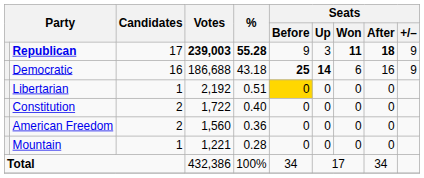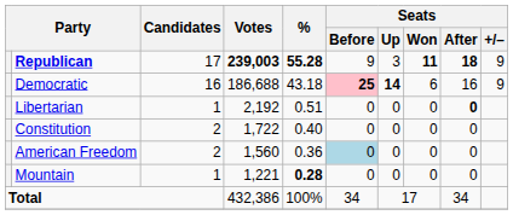 <table class="wikitable">
 <tr>
 <th rowspan="2" colspan="2">Party</th>
 <th rowspan="2">Candidates</th>
 <th rowspan="2">Votes</th>
 <th rowspan="2">%</th>
 <th colspan="5">Seats</th>
 </tr>
 <tr>
 <th>Before<br></th>
 <th>Up</th>
 <th>Won</th>
 <th>After<br></th>
 <th>+/–</th>
 </tr>
 <tr>
 <th style="background-color:"></th>
 <td><strong><a href='#'>Republican</a></strong></td>
 <td align="right">17</td>
 <td align="right"><strong>239,003</strong></td>
 <td align="right"><strong>55.28</strong></td>
 <td align="right">9</td>
 <td align="right">3</td>
 <td align="right"><strong>11</strong></td>
 <td align="right"><strong>18</strong></td>
 <td align="right"> 9</td>
 </tr>
 <tr>
 <th style="background-color:"></th>
 <td><a href='#'>Democratic</a></td>
 <td align="right">16</td>
 <td align="right">186,688</td>
 <td align="right">43.18</td>
-<td align="right"><strong>25</strong></td>
+<td align="right" style="background: pink;"><strong>25</strong></td>
 <td align="right"><strong>14</strong></td>
 <td align="right">6</td>
 <td align="right">16</td>
 <td align="right"> 9</td>
 </tr>
 <tr>
 <th style="background-color:"></th>
 <td><a href='#'>Libertarian</a></td>
 <td align="right">1</td>
 <td align="right">2,192</td>
 <td align="right">0.51</td>
-<td align="right" style="background: gold;">0</td>
 <td align="right">0</td>
 <td align="right">0</td>
 <td align="right">0</td>
+<td align="right"><strong>0</strong></td>
 <td align="right"></td>
 </tr>
 <tr>
 <th style="background-color:"></th>
 <td><a href='#'>Constitution</a></td>
 <td align="right">2</td>
 <td align="right">1,722</td>
 <td align="right">0.40</td>
 <td align="right">0</td>
 <td align="right">0</td>
 <td align="right">0</td>
 <td align="right">0</td>
 <td align="right"></td>
 </tr>
 <tr>
 <th style="background-color:"></th>
 <td><a href='#'>American Freedom</a></td>
 <td align="right">2</td>
 <td align="right">1,560</td>
 <td align="right">0.36</td>
-<td align="right">0</td>
+<td align="right" style="background: lightblue;">0</td>
 <td align="right">0</td>
 <td align="right">0</td>
 <td align="right">0</td>
 <td align="right"></td>
 </tr>
 <tr>
 <th style="background-color:"></th>
 <td><a href='#'>Mountain</a></td>
 <td align="right">1</td>
 <td align="right">1,221</td>
-<td align="right">0.28</td>
+<td align="right"><strong>0.28</strong></td>
 <td align="right">0</td>
 <td align="right">0</td>
 <td align="right">0</td>
 <td align="right">0</td>
 <td align="right"></td>
 </tr>
 <tr>
 <td colspan="3"><strong>Total</strong></td>
 <td align="right">432,386</td>
 <td align="right">100%</td>
 <td align="center">34</td>
 <td colspan="2" align="center">17</td>
 <td align="center">34</td>
 <td align="right"></td>
 </tr>
 <tr>
 </tr>
 </table>
